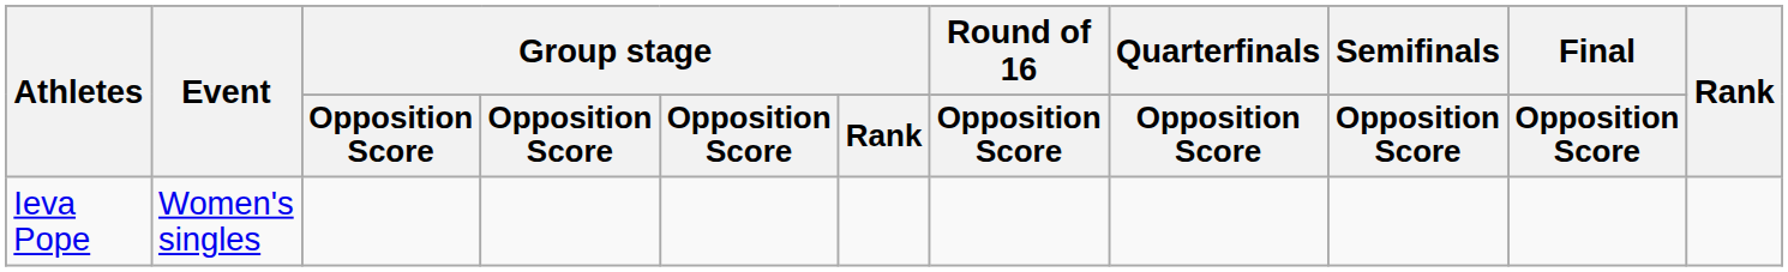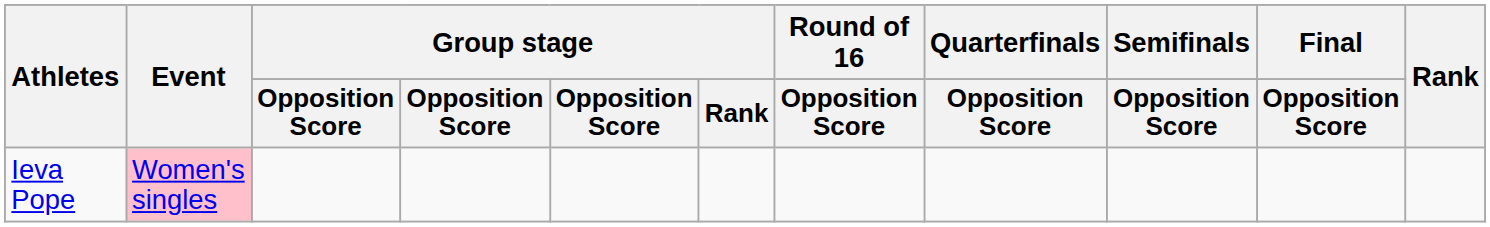 <table class="wikitable" style="font-size:90%">
 <tr>
 <th rowspan="2">Athletes</th>
 <th rowspan="2">Event</th>
 <th colspan="4">Group stage</th>
 <th>Round of 16</th>
 <th>Quarterfinals</th>
 <th>Semifinals</th>
 <th>Final</th>
 <th rowspan="2">Rank</th>
 </tr>
 <tr style="font-size:95%">
 <th>Opposition<br>Score</th>
 <th>Opposition<br>Score</th>
 <th>Opposition<br>Score</th>
 <th>Rank</th>
 <th>Opposition<br>Score</th>
 <th>Opposition<br>Score</th>
 <th>Opposition<br>Score</th>
 <th>Opposition<br>Score</th>
 </tr>
 <tr align="center">
 <td align="left"><a href='#'>Ieva Pope</a></td>
-<td align="left"><a href='#'>Women's singles</a></td>
+<td align="left" style="background: pink;"><a href='#'>Women's singles</a></td>
 <td><br></td>
 <td><br></td>
 <td><br></td>
 <td></td>
 <td></td>
 <td></td>
 <td></td>
 <td></td>
 <td></td>
 </tr>
 </table>
